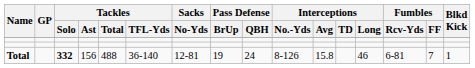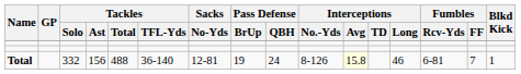 <table class="wikitable" style="white-space:nowrap;">
 <tr>
 <th rowspan="2">Name</th>
 <th rowspan="2">GP</th>
 <th colspan="4">Tackles</th>
 <th>Sacks</th>
 <th colspan="2">Pass Defense</th>
 <th colspan="4">Interceptions</th>
 <th colspan="2">Fumbles</th>
 <th rowspan="2">Blkd<br>Kick</th>
 </tr>
 <tr>
 <th>Solo</th>
 <th>Ast</th>
 <th>Total</th>
 <th>TFL-Yds</th>
 <th>No-Yds</th>
 <th>BrUp</th>
 <th>QBH</th>
 <th>No.-Yds</th>
 <th>Avg</th>
 <th>TD</th>
 <th>Long</th>
 <th>Rcv-Yds</th>
 <th>FF</th>
 </tr>
 <tr>
 </tr>
 <tr>
 <td></td>
 <td></td>
 <td></td>
 <td></td>
 <td></td>
 <td></td>
 <td></td>
 <td></td>
 <td></td>
 <td></td>
 <td></td>
 <td></td>
 <td></td>
 <td></td>
 <td></td>
 <td></td>
 </tr>
 <tr>
 <td></td>
 <td></td>
 <td></td>
 <td></td>
 <td></td>
 <td></td>
 <td></td>
 <td></td>
 <td></td>
 <td></td>
 <td></td>
 <td></td>
 <td></td>
 <td></td>
 <td></td>
 <td></td>
 </tr>
 <tr>
 <td><strong>Total</strong></td>
 <td></td>
-<td><strong>332</strong></td>
+<td>332</td>
 <td>156</td>
 <td>488</td>
 <td>36-140</td>
 <td>12-81</td>
 <td>19</td>
 <td>24</td>
 <td>8-126</td>
-<td>15.8</td>
+<td style="background: lightyellow;">15.8</td>
 <td></td>
 <td>46</td>
 <td>6-81</td>
 <td>7</td>
 <td>1</td>
 </tr>
 </table>
